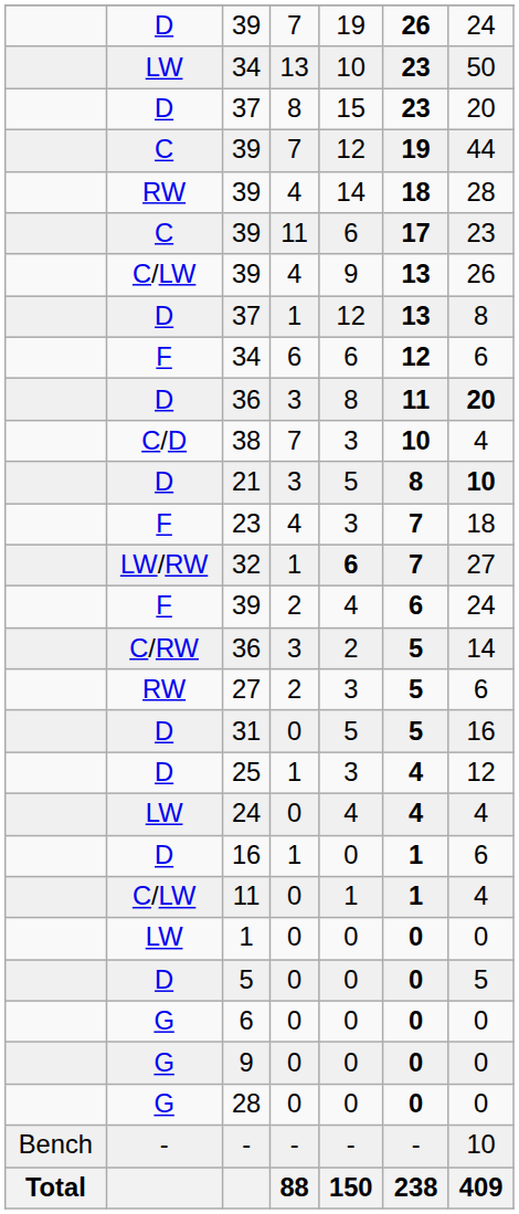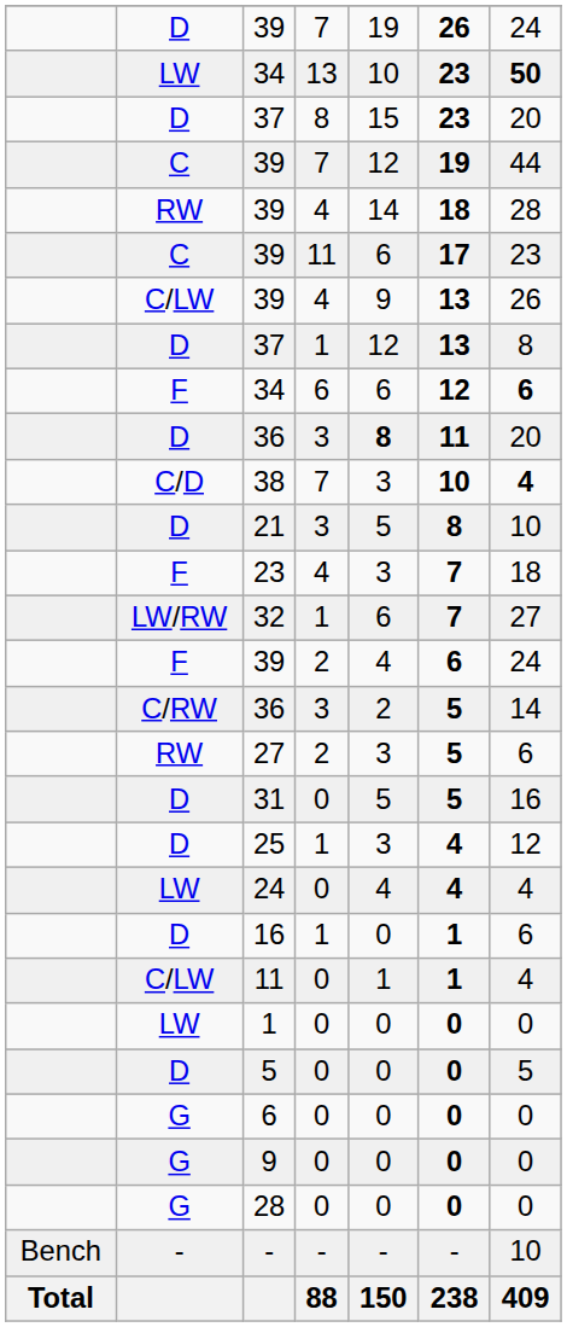 <table class="wikitable sortable" width ="50%">
 <tr align="center">
 </tr>
 <tr align="center" bgcolor="">
 <td></td>
 <td><a href='#'>D</a></td>
 <td>39</td>
 <td>7</td>
 <td>19</td>
 <td><strong>26</strong></td>
 <td>24</td>
 </tr>
 <tr align="center" bgcolor="f0f0f0">
 <td></td>
 <td><a href='#'>LW</a></td>
 <td>34</td>
 <td>13</td>
 <td>10</td>
 <td><strong>23</strong></td>
-<td>50</td>
+<td><strong>50</strong></td>
 </tr>
 <tr align="center" bgcolor="">
 <td></td>
 <td><a href='#'>D</a></td>
 <td>37</td>
 <td>8</td>
 <td>15</td>
 <td><strong>23</strong></td>
 <td>20</td>
 </tr>
 <tr align="center" bgcolor="f0f0f0">
 <td></td>
 <td><a href='#'>C</a></td>
 <td>39</td>
 <td>7</td>
 <td>12</td>
 <td><strong>19</strong></td>
 <td>44</td>
 </tr>
 <tr align="center" bgcolor="">
 <td></td>
 <td><a href='#'>RW</a></td>
 <td>39</td>
 <td>4</td>
 <td>14</td>
 <td><strong>18</strong></td>
 <td>28</td>
 </tr>
 <tr align="center" bgcolor="f0f0f0">
 <td></td>
 <td><a href='#'>C</a></td>
 <td>39</td>
 <td>11</td>
 <td>6</td>
 <td><strong>17</strong></td>
 <td>23</td>
 </tr>
 <tr align="center" bgcolor="">
 <td></td>
 <td><a href='#'>C</a>/<a href='#'>LW</a></td>
 <td>39</td>
 <td>4</td>
 <td>9</td>
 <td><strong>13</strong></td>
 <td>26</td>
 </tr>
 <tr align="center" bgcolor="f0f0f0">
 <td></td>
 <td><a href='#'>D</a></td>
 <td>37</td>
 <td>1</td>
 <td>12</td>
 <td><strong>13</strong></td>
 <td>8</td>
 </tr>
 <tr align="center" bgcolor="">
 <td></td>
 <td><a href='#'>F</a></td>
 <td>34</td>
 <td>6</td>
 <td>6</td>
 <td><strong>12</strong></td>
-<td>6</td>
+<td><strong>6</strong></td>
 </tr>
 <tr align="center" bgcolor="f0f0f0">
 <td></td>
 <td><a href='#'>D</a></td>
 <td>36</td>
 <td>3</td>
-<td>8</td>
+<td><strong>8</strong></td>
 <td><strong>11</strong></td>
-<td><strong>20</strong></td>
+<td>20</td>
 </tr>
 <tr align="center" bgcolor="">
 <td></td>
 <td><a href='#'>C</a>/<a href='#'>D</a></td>
 <td>38</td>
 <td>7</td>
 <td>3</td>
 <td><strong>10</strong></td>
-<td>4</td>
+<td><strong>4</strong></td>
 </tr>
 <tr align="center" bgcolor="f0f0f0">
 <td></td>
 <td><a href='#'>D</a></td>
 <td>21</td>
 <td>3</td>
 <td>5</td>
 <td><strong>8</strong></td>
-<td><strong>10</strong></td>
+<td>10</td>
 </tr>
 <tr align="center" bgcolor="">
 <td></td>
 <td><a href='#'>F</a></td>
 <td>23</td>
 <td>4</td>
 <td>3</td>
 <td><strong>7</strong></td>
 <td>18</td>
 </tr>
 <tr align="center" bgcolor="f0f0f0">
 <td></td>
 <td><a href='#'>LW</a>/<a href='#'>RW</a></td>
 <td>32</td>
 <td>1</td>
-<td><strong>6</strong></td>
+<td>6</td>
 <td><strong>7</strong></td>
 <td>27</td>
 </tr>
 <tr align="center" bgcolor="">
 <td></td>
 <td><a href='#'>F</a></td>
 <td>39</td>
 <td>2</td>
 <td>4</td>
 <td><strong>6</strong></td>
 <td>24</td>
 </tr>
 <tr align="center" bgcolor="f0f0f0">
 <td></td>
 <td><a href='#'>C</a>/<a href='#'>RW</a></td>
 <td>36</td>
 <td>3</td>
 <td>2</td>
 <td><strong>5</strong></td>
 <td>14</td>
 </tr>
 <tr align="center" bgcolor="">
 <td></td>
 <td><a href='#'>RW</a></td>
 <td>27</td>
 <td>2</td>
 <td>3</td>
 <td><strong>5</strong></td>
 <td>6</td>
 </tr>
 <tr align="center" bgcolor="f0f0f0">
 <td></td>
 <td><a href='#'>D</a></td>
 <td>31</td>
 <td>0</td>
 <td>5</td>
 <td><strong>5</strong></td>
 <td>16</td>
 </tr>
 <tr align="center" bgcolor="">
 <td></td>
 <td><a href='#'>D</a></td>
 <td>25</td>
 <td>1</td>
 <td>3</td>
 <td><strong>4</strong></td>
 <td>12</td>
 </tr>
 <tr align="center" bgcolor="f0f0f0">
 <td></td>
 <td><a href='#'>LW</a></td>
 <td>24</td>
 <td>0</td>
 <td>4</td>
 <td><strong>4</strong></td>
 <td>4</td>
 </tr>
 <tr align="center" bgcolor="">
 <td></td>
 <td><a href='#'>D</a></td>
 <td>16</td>
 <td>1</td>
 <td>0</td>
 <td><strong>1</strong></td>
 <td>6</td>
 </tr>
 <tr align="center" bgcolor="f0f0f0">
 <td></td>
 <td><a href='#'>C</a>/<a href='#'>LW</a></td>
 <td>11</td>
 <td>0</td>
 <td>1</td>
 <td><strong>1</strong></td>
 <td>4</td>
 </tr>
 <tr align="center" bgcolor="">
 <td></td>
 <td><a href='#'>LW</a></td>
 <td>1</td>
 <td>0</td>
 <td>0</td>
 <td><strong>0</strong></td>
 <td>0</td>
 </tr>
 <tr align="center" bgcolor="f0f0f0">
 <td></td>
 <td><a href='#'>D</a></td>
 <td>5</td>
 <td>0</td>
 <td>0</td>
 <td><strong>0</strong></td>
 <td>5</td>
 </tr>
 <tr align="center" bgcolor="">
 <td></td>
 <td><a href='#'>G</a></td>
 <td>6</td>
 <td>0</td>
 <td>0</td>
 <td><strong>0</strong></td>
 <td>0</td>
 </tr>
 <tr align="center" bgcolor="f0f0f0">
 <td></td>
 <td><a href='#'>G</a></td>
 <td>9</td>
 <td>0</td>
 <td>0</td>
 <td><strong>0</strong></td>
 <td>0</td>
 </tr>
 <tr align="center" bgcolor="">
 <td></td>
 <td><a href='#'>G</a></td>
 <td>28</td>
 <td>0</td>
 <td>0</td>
 <td><strong>0</strong></td>
 <td>0</td>
 </tr>
 <tr align="center" bgcolor="f0f0f0">
 <td>Bench</td>
 <td>-</td>
 <td>-</td>
 <td>-</td>
 <td>-</td>
 <td>-</td>
 <td>10</td>
 </tr>
 <tr>
 <th>Total</th>
 <th></th>
 <th></th>
 <th>88</th>
 <th>150</th>
 <th>238</th>
 <th>409</th>
 </tr>
 </table>
